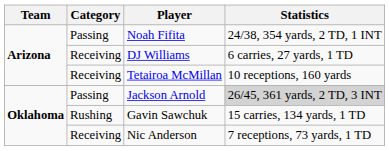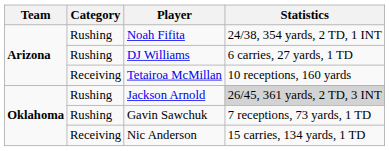 <table class="wikitable" style="float: right;">
 <tr>
 <th>Team</th>
 <th>Category</th>
 <th>Player</th>
 <th>Statistics</th>
 </tr>
 <tr>
 <td rowspan=3><strong>Arizona </strong></td>
-<td>Passing</td>
+<td>Rushing</td>
 <td><a href='#'>Noah Fifita</a></td>
 <td>24/38, 354 yards, 2 TD, 1 INT</td>
 </tr>
 <tr>
-<td>Receiving</td>
+<td>Rushing</td>
 <td><a href='#'>DJ Williams</a></td>
 <td>6 carries, 27 yards, 1 TD</td>
 </tr>
 <tr>
 <td>Receiving</td>
 <td><a href='#'>Tetairoa McMillan</a></td>
 <td>10 receptions, 160 yards</td>
 </tr>
 <tr>
 <td rowspan=3><strong>Oklahoma</strong></td>
-<td>Passing</td>
+<td>Rushing</td>
 <td><a href='#'>Jackson Arnold</a></td>
 <td style="background: lightgrey;">26/45, 361 yards, 2 TD, 3 INT</td>
 </tr>
 <tr>
 <td>Rushing</td>
 <td>Gavin Sawchuk</td>
-<td>15 carries, 134 yards, 1 TD</td>
+<td>7 receptions, 73 yards, 1 TD</td>
 </tr>
 <tr>
 <td>Receiving</td>
 <td>Nic Anderson</td>
-<td>7 receptions, 73 yards, 1 TD</td>
+<td>15 carries, 134 yards, 1 TD</td>
 </tr>
 </table>
